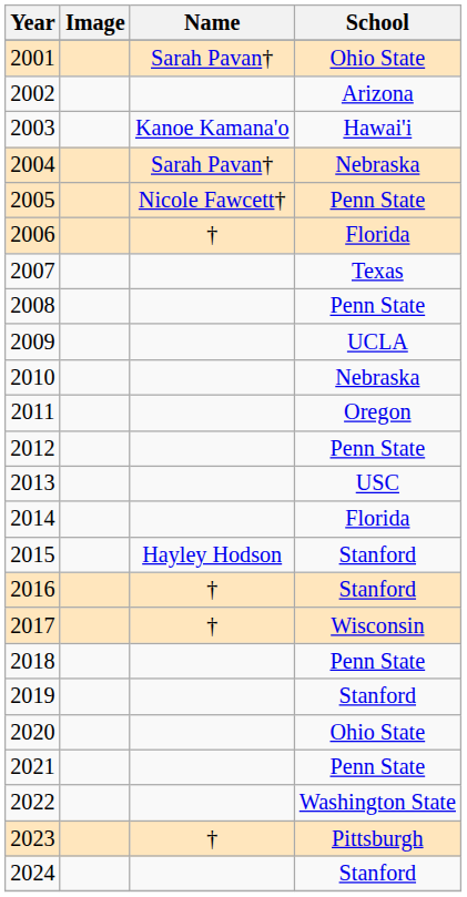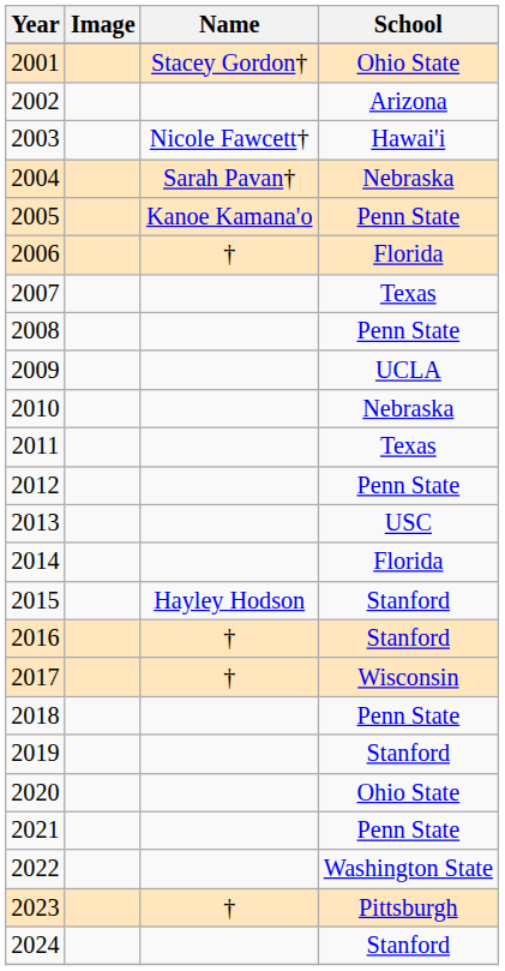 <table class="wikitable plainrowheaders sortable">
 <tr>
 <th scope="col">Year</th>
 <th scope="col" class="unsortable">Image</th>
 <th scope="col">Name</th>
 <th scope="col">School</th>
 </tr>
 <tr>
 </tr>
 <tr style="background:#ffe6bd;">
 <td style="text-align:center;">2001</td>
 <td></td>
-<td style="text-align:center;"><a href='#'>Sarah Pavan</a>†</td>
+<td style="text-align:center;"><a href='#'>Stacey Gordon</a>†</td>
 <td style="text-align:center;"><a href='#'>Ohio State</a></td>
 </tr>
 <tr>
 <td style="text-align:center;">2002</td>
 <td></td>
 <td style="text-align:center;"></td>
 <td style="text-align:center;"><a href='#'>Arizona</a></td>
 </tr>
 <tr>
 <td style="text-align:center;">2003</td>
 <td></td>
-<td style="text-align:center;"><a href='#'>Kanoe Kamana'o</a></td>
+<td style="text-align:center;"><a href='#'>Nicole Fawcett</a>†</td>
 <td style="text-align:center;"><a href='#'>Hawai'i</a></td>
 </tr>
 <tr style="background:#ffe6bd;">
 <td style="text-align:center;">2004</td>
 <td></td>
 <td style="text-align:center;"><a href='#'>Sarah Pavan</a>†</td>
 <td style="text-align:center;"><a href='#'>Nebraska</a></td>
 </tr>
 <tr style="background:#ffe6bd;">
 <td style="text-align:center;">2005</td>
 <td></td>
-<td style="text-align:center;"><a href='#'>Nicole Fawcett</a>†</td>
+<td style="text-align:center;"><a href='#'>Kanoe Kamana'o</a></td>
 <td style="text-align:center;"><a href='#'>Penn State</a></td>
 </tr>
 <tr style="background:#ffe6bd;">
 <td style="text-align:center;">2006</td>
 <td></td>
 <td style="text-align:center;">†</td>
 <td style="text-align:center;"><a href='#'>Florida</a></td>
 </tr>
 <tr>
 <td style="text-align:center;">2007</td>
 <td></td>
 <td style="text-align:center;"></td>
 <td style="text-align:center;"><a href='#'>Texas</a></td>
 </tr>
 <tr>
 <td style="text-align:center;">2008</td>
 <td></td>
 <td style="text-align:center;"></td>
 <td style="text-align:center;"><a href='#'>Penn State</a></td>
 </tr>
 <tr>
 <td style="text-align:center;">2009</td>
 <td></td>
 <td style="text-align:center;"></td>
 <td style="text-align:center;"><a href='#'>UCLA</a></td>
 </tr>
 <tr>
 <td style="text-align:center;">2010</td>
 <td></td>
 <td style="text-align:center;"></td>
 <td style="text-align:center;"><a href='#'>Nebraska</a></td>
 </tr>
 <tr>
 <td style="text-align:center;">2011</td>
 <td></td>
 <td style="text-align:center;"></td>
-<td style="text-align:center;"><a href='#'>Oregon</a></td>
+<td style="text-align:center;"><a href='#'>Texas</a></td>
 </tr>
 <tr>
 <td style="text-align:center;">2012</td>
 <td></td>
 <td style="text-align:center;"></td>
 <td style="text-align:center;"><a href='#'>Penn State</a></td>
 </tr>
 <tr>
 <td style="text-align:center;">2013</td>
 <td></td>
 <td style="text-align:center;"></td>
 <td style="text-align:center;"><a href='#'>USC</a></td>
 </tr>
 <tr>
 <td style="text-align:center;">2014</td>
 <td></td>
 <td style="text-align:center;"></td>
 <td style="text-align:center;"><a href='#'>Florida</a></td>
 </tr>
 <tr>
 <td style="text-align:center;">2015</td>
 <td></td>
 <td style="text-align:center;"><a href='#'>Hayley Hodson</a></td>
 <td style="text-align:center;"><a href='#'>Stanford</a></td>
 </tr>
 <tr style="background:#ffe6bd;">
 <td style="text-align:center;">2016</td>
 <td></td>
 <td style="text-align:center;">†</td>
 <td style="text-align:center;"><a href='#'>Stanford</a></td>
 </tr>
 <tr style="background:#ffe6bd;">
 <td style="text-align:center;">2017</td>
 <td></td>
 <td style="text-align:center;">†</td>
 <td style="text-align:center;"><a href='#'>Wisconsin</a></td>
 </tr>
 <tr>
 <td style="text-align:center;">2018</td>
 <td></td>
 <td style="text-align:center;"></td>
 <td style="text-align:center;"><a href='#'>Penn State</a></td>
 </tr>
 <tr>
 <td style="text-align:center;">2019</td>
 <td></td>
 <td style="text-align:center;"></td>
 <td style="text-align:center;"><a href='#'>Stanford</a></td>
 </tr>
 <tr>
 <td style="text-align:center;">2020</td>
 <td></td>
 <td style="text-align:center;"></td>
 <td style="text-align:center;"><a href='#'>Ohio State</a></td>
 </tr>
 <tr>
 <td style="text-align:center;">2021</td>
 <td></td>
 <td style="text-align:center;"></td>
 <td style="text-align:center;"><a href='#'>Penn State</a></td>
 </tr>
 <tr>
 <td style="text-align:center;">2022</td>
 <td></td>
 <td style="text-align:center;"></td>
 <td style="text-align:center;"><a href='#'>Washington State</a></td>
 </tr>
 <tr style="background:#ffe6bd;">
 <td style="text-align:center;">2023</td>
 <td></td>
 <td style="text-align:center;">†</td>
 <td style="text-align:center;"><a href='#'>Pittsburgh</a></td>
 </tr>
 <tr>
 <td style="text-align:center;">2024</td>
 <td></td>
 <td style="text-align:center;"></td>
 <td style="text-align:center;"><a href='#'>Stanford</a></td>
 </tr>
 <tr>
 </tr>
 </table>
